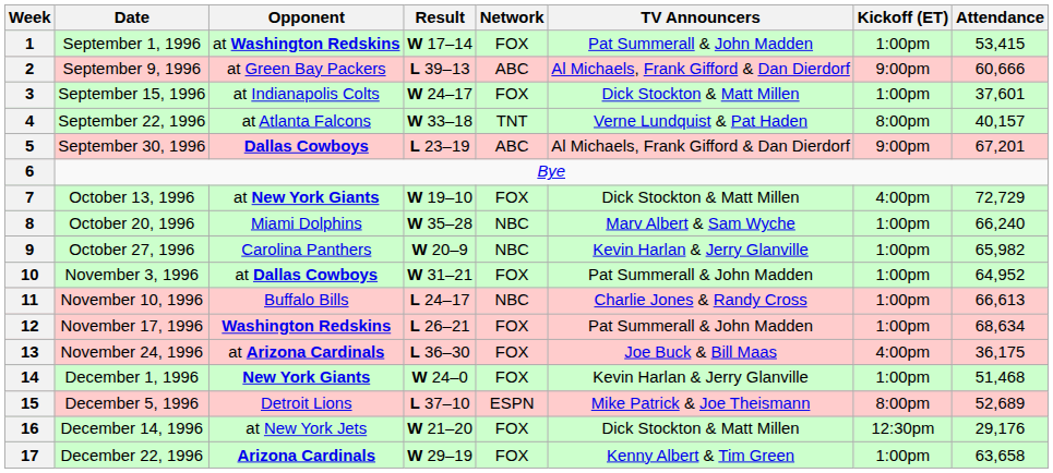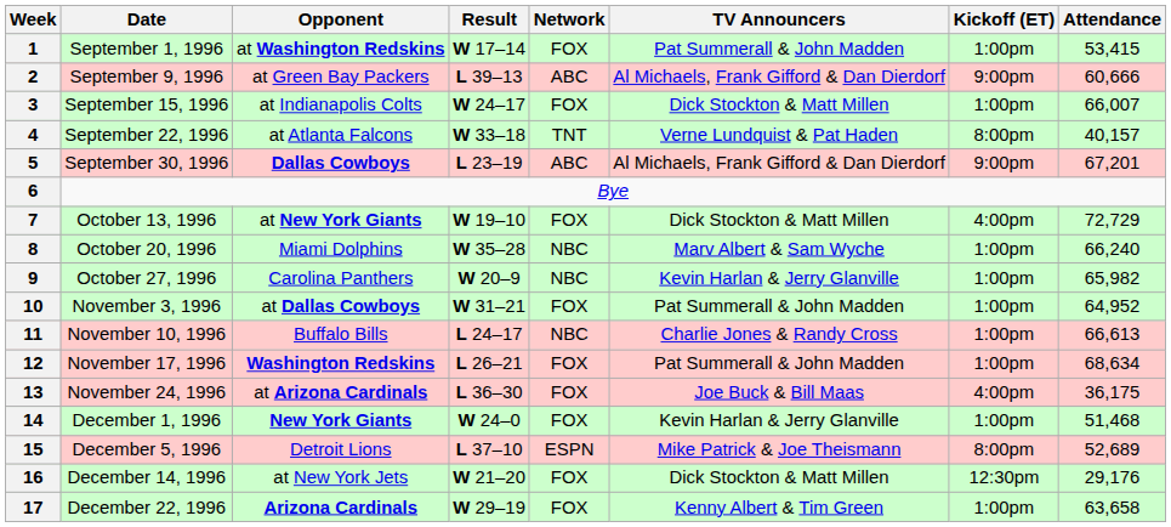 <table class="wikitable" style="text-align:center">
 <tr>
 <th>Week</th>
 <th>Date</th>
 <th>Opponent</th>
 <th>Result</th>
 <th>Network</th>
 <th>TV Announcers</th>
 <th>Kickoff (ET)</th>
 <th>Attendance</th>
 </tr>
 <tr style="background: #cfc">
 <th>1</th>
 <td>September 1, 1996</td>
 <td>at <strong><a href='#'>Washington Redskins</a></strong></td>
 <td><strong>W</strong> 17–14</td>
 <td>FOX</td>
 <td><a href='#'>Pat Summerall</a> & <a href='#'>John Madden</a></td>
 <td>1:00pm</td>
 <td>53,415</td>
 </tr>
 <tr style="background: #fcc">
 <th>2</th>
 <td>September 9, 1996</td>
 <td>at <a href='#'>Green Bay Packers</a></td>
 <td><strong>L</strong> 39–13</td>
 <td>ABC</td>
 <td><a href='#'>Al Michaels</a>, <a href='#'>Frank Gifford</a> & <a href='#'>Dan Dierdorf</a></td>
 <td>9:00pm</td>
 <td>60,666</td>
 </tr>
 <tr style="background: #cfc">
 <th>3</th>
 <td>September 15, 1996</td>
 <td>at <a href='#'>Indianapolis Colts</a></td>
 <td><strong>W</strong> 24–17</td>
 <td>FOX</td>
 <td><a href='#'>Dick Stockton</a> & <a href='#'>Matt Millen</a></td>
 <td>1:00pm</td>
-<td>37,601</td>
+<td>66,007</td>
 </tr>
 <tr style="background: #cfc">
 <th>4</th>
 <td>September 22, 1996</td>
 <td>at <a href='#'>Atlanta Falcons</a></td>
 <td><strong>W</strong> 33–18</td>
 <td>TNT</td>
 <td><a href='#'>Verne Lundquist</a> & <a href='#'>Pat Haden</a></td>
 <td>8:00pm</td>
 <td>40,157</td>
 </tr>
 <tr style="background: #fcc">
 <th>5</th>
 <td>September 30, 1996</td>
 <td><strong><a href='#'>Dallas Cowboys</a></strong></td>
 <td><strong>L</strong> 23–19</td>
 <td>ABC</td>
 <td>Al Michaels, Frank Gifford & Dan Dierdorf</td>
 <td>9:00pm</td>
 <td>67,201</td>
 </tr>
 <tr>
 <th>6</th>
 <td colspan="7" style="text-align:center;"><em><a href='#'>Bye</a></em></td>
 </tr>
 <tr style="background: #cfc">
 <th>7</th>
 <td>October 13, 1996</td>
 <td>at <strong><a href='#'>New York Giants</a></strong></td>
 <td><strong>W</strong> 19–10</td>
 <td>FOX</td>
 <td>Dick Stockton & Matt Millen</td>
 <td>4:00pm</td>
 <td>72,729</td>
 </tr>
 <tr style="background: #cfc">
 <th>8</th>
 <td>October 20, 1996</td>
 <td><a href='#'>Miami Dolphins</a></td>
 <td><strong>W</strong> 35–28</td>
 <td>NBC</td>
 <td><a href='#'>Marv Albert</a> & <a href='#'>Sam Wyche</a></td>
 <td>1:00pm</td>
 <td>66,240</td>
 </tr>
 <tr style="background: #cfc">
 <th>9</th>
 <td>October 27, 1996</td>
 <td><a href='#'>Carolina Panthers</a></td>
 <td><strong>W</strong> 20–9</td>
 <td>NBC</td>
 <td><a href='#'>Kevin Harlan</a> & <a href='#'>Jerry Glanville</a></td>
 <td>1:00pm</td>
 <td>65,982</td>
 </tr>
 <tr style="background: #cfc">
 <th>10</th>
 <td>November 3, 1996</td>
 <td>at <strong><a href='#'>Dallas Cowboys</a></strong></td>
 <td><strong>W</strong> 31–21</td>
 <td>FOX</td>
 <td>Pat Summerall & John Madden</td>
 <td>1:00pm</td>
 <td>64,952</td>
 </tr>
 <tr style="background: #fcc">
 <th>11</th>
 <td>November 10, 1996</td>
 <td><a href='#'>Buffalo Bills</a></td>
 <td><strong>L</strong> 24–17</td>
 <td>NBC</td>
 <td><a href='#'>Charlie Jones</a> & <a href='#'>Randy Cross</a></td>
 <td>1:00pm</td>
 <td>66,613</td>
 </tr>
 <tr style="background: #fcc">
 <th>12</th>
 <td>November 17, 1996</td>
 <td><strong><a href='#'>Washington Redskins</a></strong></td>
 <td><strong>L</strong> 26–21</td>
 <td>FOX</td>
 <td>Pat Summerall & John Madden</td>
 <td>1:00pm</td>
 <td>68,634</td>
 </tr>
 <tr style="background: #fcc">
 <th>13</th>
 <td>November 24, 1996</td>
 <td>at <strong><a href='#'>Arizona Cardinals</a></strong></td>
 <td><strong>L</strong> 36–30</td>
 <td>FOX</td>
 <td><a href='#'>Joe Buck</a> & <a href='#'>Bill Maas</a></td>
 <td>4:00pm</td>
 <td>36,175</td>
 </tr>
 <tr style="background: #cfc">
 <th>14</th>
 <td>December 1, 1996</td>
 <td><strong><a href='#'>New York Giants</a></strong></td>
 <td><strong>W</strong> 24–0</td>
 <td>FOX</td>
 <td>Kevin Harlan & Jerry Glanville</td>
 <td>1:00pm</td>
 <td>51,468</td>
 </tr>
 <tr style="background: #fcc">
 <th>15</th>
 <td>December 5, 1996</td>
 <td><a href='#'>Detroit Lions</a></td>
 <td><strong>L</strong> 37–10</td>
 <td>ESPN</td>
 <td><a href='#'>Mike Patrick</a> & <a href='#'>Joe Theismann</a></td>
 <td>8:00pm</td>
 <td>52,689</td>
 </tr>
 <tr style="background: #cfc">
 <th>16</th>
 <td>December 14, 1996</td>
 <td>at <a href='#'>New York Jets</a></td>
 <td><strong>W</strong> 21–20</td>
 <td>FOX</td>
 <td>Dick Stockton & Matt Millen</td>
 <td>12:30pm</td>
 <td>29,176</td>
 </tr>
 <tr style="background: #cfc">
 <th>17</th>
 <td>December 22, 1996</td>
 <td><strong><a href='#'>Arizona Cardinals</a></strong></td>
 <td><strong>W</strong> 29–19</td>
 <td>FOX</td>
 <td><a href='#'>Kenny Albert</a> & <a href='#'>Tim Green</a></td>
 <td>1:00pm</td>
 <td>63,658</td>
 </tr>
 </table>
